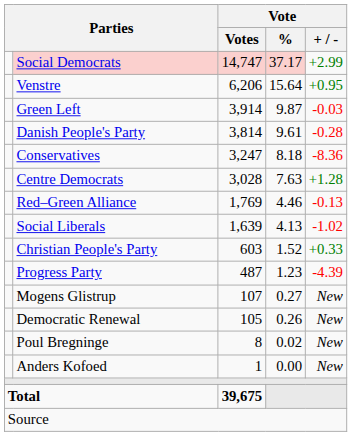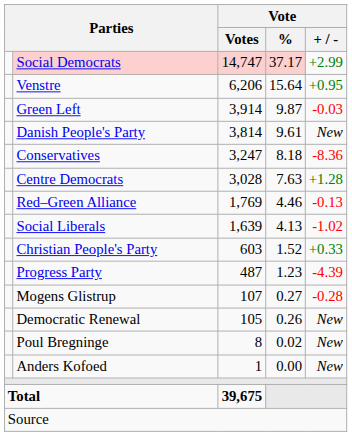 <table class="wikitable" style="text-align:right;">
 <tr>
 <th style="text-align:centre;" rowspan="2" colspan="2" width="225">Parties</th>
 <th colspan="3">Vote</th>
 </tr>
 <tr>
 <th width="15">Votes</th>
 <th width="15">%</th>
 <th width="15">+ / -</th>
 </tr>
 <tr>
 <td width="2" style="color:inherit;background:"></td>
 <td bgcolor=#fbd0ce  align="left"><a href='#'>Social Democrats</a></td>
 <td bgcolor=#fbd0ce>14,747</td>
 <td bgcolor=#fbd0ce>37.17</td>
 <td style=color:green;>+2.99</td>
 </tr>
 <tr>
 <td width="2" style="color:inherit;background:"></td>
 <td align="left"><a href='#'>Venstre</a></td>
 <td>6,206</td>
 <td>15.64</td>
 <td style=color:green;>+0.95</td>
 </tr>
 <tr>
 <td width="2" style="color:inherit;background:"></td>
 <td align="left"><a href='#'>Green Left</a></td>
 <td>3,914</td>
 <td>9.87</td>
 <td style=color:red;>-0.03</td>
 </tr>
 <tr>
 <td width="2" style="color:inherit;background:"></td>
 <td align="left"><a href='#'>Danish People's Party</a></td>
 <td>3,814</td>
 <td>9.61</td>
-<td style=color:red;>-0.28</td>
+<td><em>New</em></td>
 </tr>
 <tr>
 <td width="2" style="color:inherit;background:"></td>
 <td align="left"><a href='#'>Conservatives</a></td>
 <td>3,247</td>
 <td>8.18</td>
 <td style=color:red;>-8.36</td>
 </tr>
 <tr>
 <td width="2" style="color:inherit;background:"></td>
 <td align="left"><a href='#'>Centre Democrats</a></td>
 <td>3,028</td>
 <td>7.63</td>
 <td style=color:green;>+1.28</td>
 </tr>
 <tr>
 <td width="2" style="color:inherit;background:"></td>
 <td align="left"><a href='#'>Red–Green Alliance</a></td>
 <td>1,769</td>
 <td>4.46</td>
 <td style=color:red;>-0.13</td>
 </tr>
 <tr>
 <td width="2" style="color:inherit;background:"></td>
 <td align="left"><a href='#'>Social Liberals</a></td>
 <td>1,639</td>
 <td>4.13</td>
 <td style=color:red;>-1.02</td>
 </tr>
 <tr>
 <td width="2" style="color:inherit;background:"></td>
 <td align="left"><a href='#'>Christian People's Party</a></td>
 <td>603</td>
 <td>1.52</td>
 <td style=color:green;>+0.33</td>
 </tr>
 <tr>
 <td width="2" style="color:inherit;background:"></td>
 <td align="left"><a href='#'>Progress Party</a></td>
 <td>487</td>
 <td>1.23</td>
 <td style=color:red;>-4.39</td>
 </tr>
 <tr>
 <td width="2" style="color:inherit;background:"></td>
 <td align="left">Mogens Glistrup</td>
 <td>107</td>
 <td>0.27</td>
-<td><em>New</em></td>
+<td style=color:red;>-0.28</td>
 </tr>
 <tr>
 <td width="2" style="color:inherit;background:"></td>
 <td align="left">Democratic Renewal</td>
 <td>105</td>
 <td>0.26</td>
 <td><em>New</em></td>
 </tr>
 <tr>
 <td width="2" style="color:inherit;background:"></td>
 <td align="left">Poul Bregninge</td>
 <td>8</td>
 <td>0.02</td>
 <td><em>New</em></td>
 </tr>
 <tr>
 <td width="2" style="color:inherit;background:"></td>
 <td align="left">Anders Kofoed</td>
 <td>1</td>
 <td>0.00</td>
 <td><em>New</em></td>
 </tr>
 <tr>
 <td colspan="7" bgcolor="#E9E9E9"></td>
 </tr>
 <tr>
 <td align="left" colspan="2"><strong>Total</strong></td>
 <td><strong>39,675</strong></td>
 <td bgcolor="#E9E9E9" colspan="2"></td>
 </tr>
 <tr>
 <td align="left" colspan="6">Source</td>
 </tr>
 </table>
